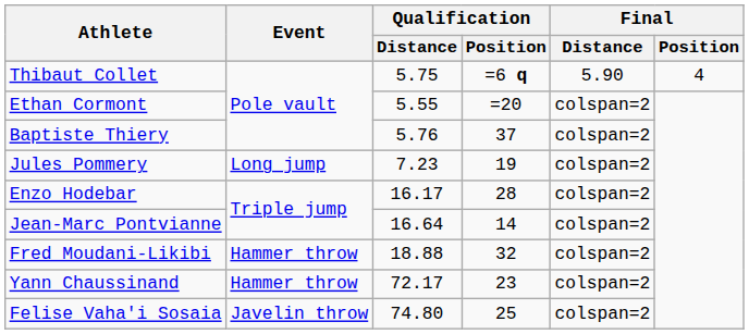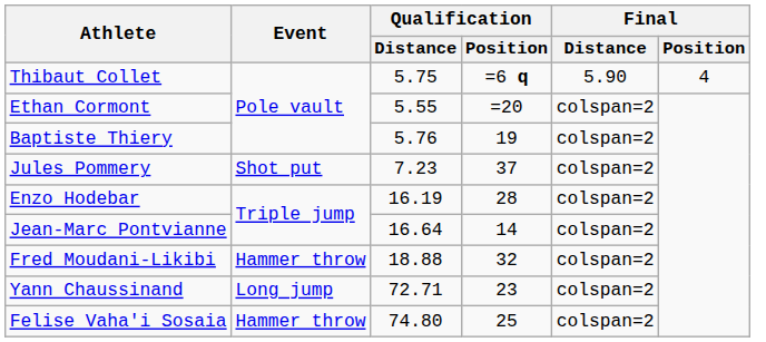 <table class=wikitable style=font-size:90%>
 <tr>
 <th rowspan=2>Athlete</th>
 <th rowspan=2>Event</th>
 <th colspan=2>Qualification</th>
 <th colspan=2>Final</th>
 </tr>
 <tr style=font-size:95%>
 <th>Distance</th>
 <th>Position</th>
 <th>Distance</th>
 <th>Position</th>
 </tr>
 <tr align=center>
 <td align=left><a href='#'>Thibaut Collet</a></td>
 <td align=left rowspan=3><a href='#'>Pole vault</a></td>
 <td>5.75</td>
 <td>=6 <strong>q</strong></td>
 <td>5.90 </td>
 <td>4</td>
 </tr>
 <tr align=center>
 <td align=left><a href='#'>Ethan Cormont</a></td>
 <td>5.55</td>
 <td>=20</td>
 <td>colspan=2 </td>
 </tr>
 <tr align=center>
 <td align=left><a href='#'>Baptiste Thiery</a></td>
 <td>5.76</td>
-<td>37</td>
+<td>19</td>
 <td>colspan=2 </td>
 </tr>
 <tr align=center>
 <td align=left><a href='#'>Jules Pommery</a></td>
-<td align=left><a href='#'>Long jump</a></td>
+<td align=left><a href='#'>Shot put</a></td>
 <td>7.23</td>
-<td>19</td>
+<td>37</td>
 <td>colspan=2 </td>
 </tr>
 <tr align=center>
 <td align=left><a href='#'>Enzo Hodebar</a></td>
 <td align=left rowspan=2><a href='#'>Triple jump</a></td>
-<td>16.17</td>
+<td>16.19</td>
 <td>28</td>
 <td>colspan=2 </td>
 </tr>
 <tr align=center>
 <td align=left><a href='#'>Jean-Marc Pontvianne</a></td>
 <td>16.64</td>
 <td>14</td>
 <td>colspan=2 </td>
 </tr>
 <tr align=center>
 <td align=left><a href='#'>Fred Moudani-Likibi</a></td>
 <td align=left><a href='#'>Hammer throw</a></td>
 <td>18.88</td>
 <td>32</td>
 <td>colspan=2 </td>
 </tr>
 <tr align=center>
 <td align=left><a href='#'>Yann Chaussinand</a></td>
-<td align=left><a href='#'>Hammer throw</a></td>
-<td>72.17</td>
+<td align=left><a href='#'>Long jump</a></td>
+<td>72.71</td>
 <td>23</td>
 <td>colspan=2 </td>
 </tr>
 <tr align=center>
 <td align=left><a href='#'>Felise Vaha'i Sosaia</a></td>
-<td align=left><a href='#'>Javelin throw</a></td>
+<td align=left><a href='#'>Hammer throw</a></td>
 <td>74.80</td>
 <td>25</td>
 <td>colspan=2 </td>
 </tr>
 </table>
